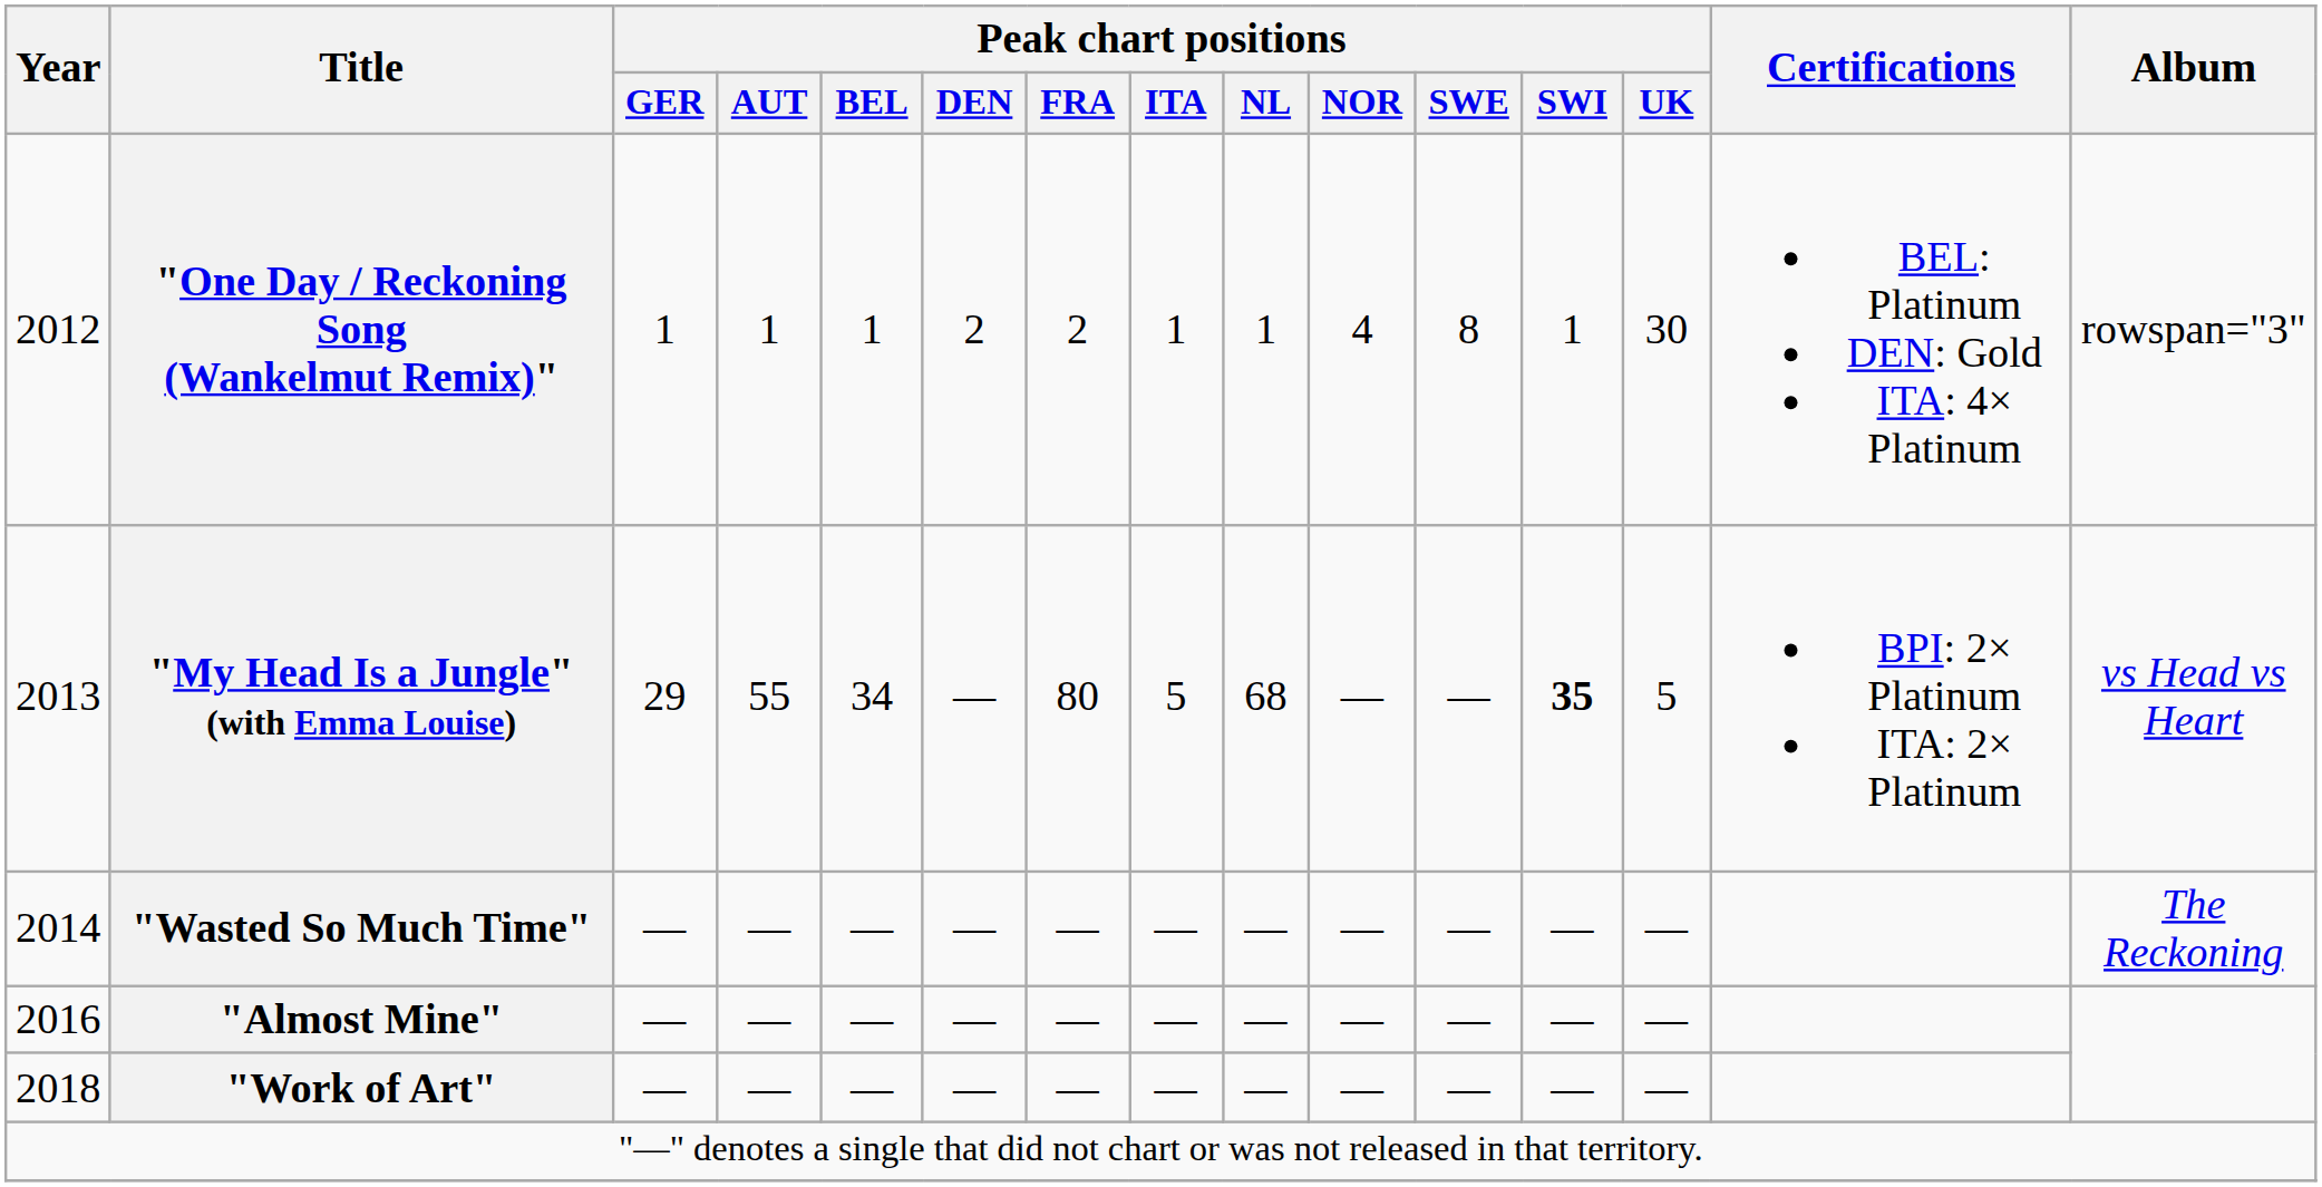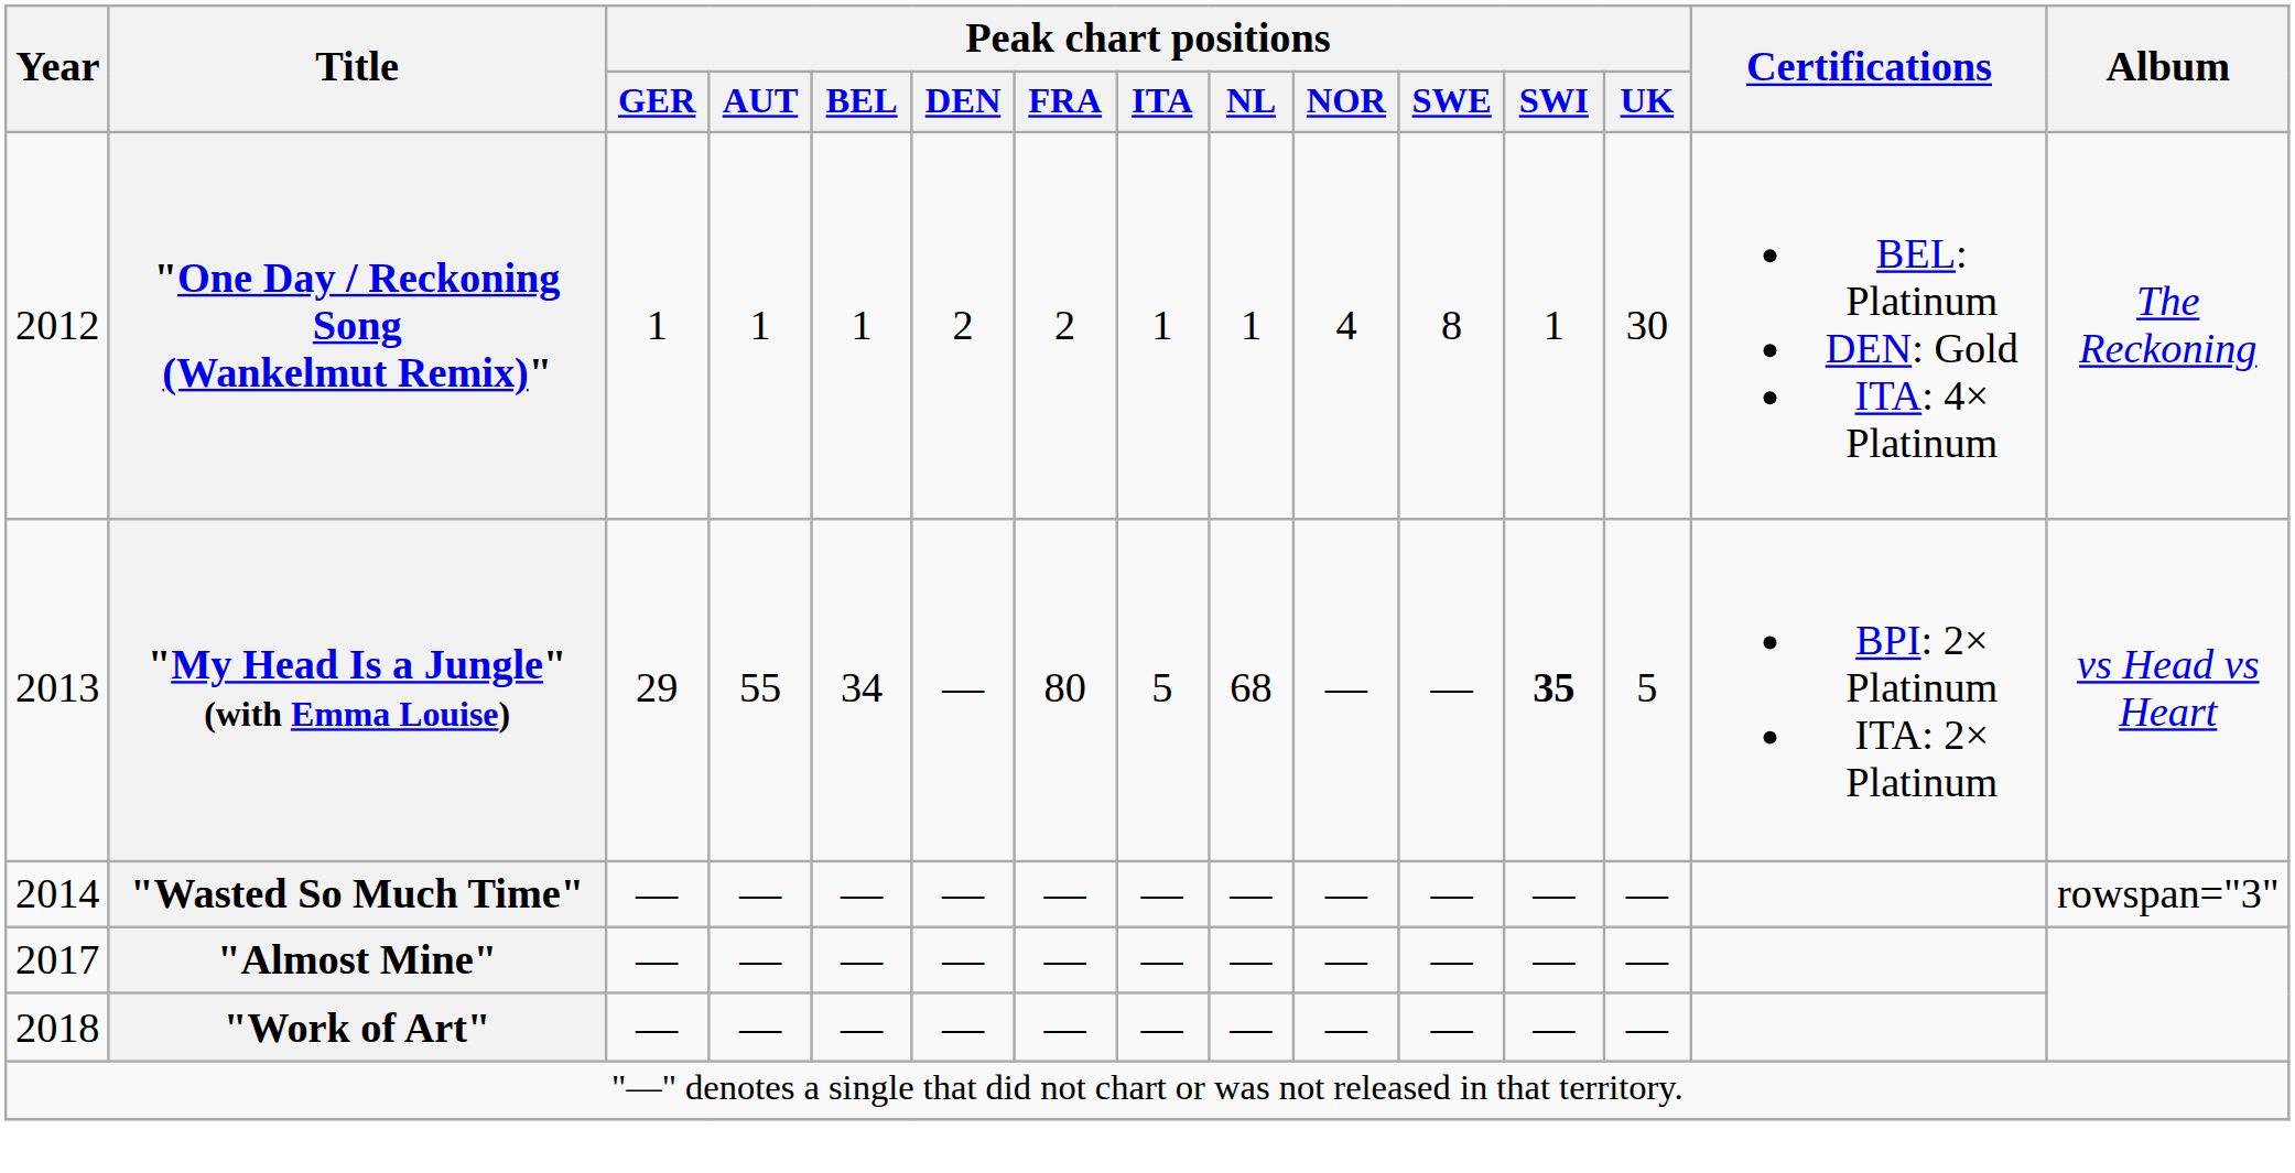 <table class="wikitable plainrowheaders" style="text-align:center;">
 <tr>
 <th scope="col" rowspan="2">Year</th>
 <th scope="col" rowspan="2" style="width:24em;">Title</th>
 <th scope="col" colspan="11">Peak chart positions</th>
 <th scope="col" rowspan="2" style="width:12em;"><a href='#'>Certifications</a></th>
 <th scope="col" rowspan="2">Album</th>
 </tr>
 <tr>
 <th scope="col" style="width:3em;font-size:85%;"><a href='#'>GER</a><br></th>
 <th scope="col" style="width:3em;font-size:85%;"><a href='#'>AUT</a><br></th>
 <th scope="col" style="width:3em;font-size:85%;"><a href='#'>BEL</a><br></th>
 <th scope="col" style="width:3em;font-size:85%;"><a href='#'>DEN</a><br></th>
 <th scope="col" style="width:3em;font-size:85%;"><a href='#'>FRA</a><br></th>
 <th scope="col" style="width:3em;font-size:85%;"><a href='#'>ITA</a><br></th>
 <th scope="col" style="width:3em;font-size:85%;"><a href='#'>NL</a><br></th>
 <th scope="col" style="width:3em;font-size:85%;"><a href='#'>NOR</a><br></th>
 <th scope="col" style="width:3em;font-size:85%;"><a href='#'>SWE</a><br></th>
 <th scope="col" style="width:3em;font-size:85%;"><a href='#'>SWI</a><br></th>
 <th scope="col" style="width:3em;font-size:85%;"><a href='#'>UK</a><br></th>
 </tr>
 <tr>
 <td>2012</td>
 <th scope="row">"<a href='#'>One Day / Reckoning Song<br>(Wankelmut Remix)</a>"</th>
 <td>1</td>
 <td>1</td>
 <td>1</td>
 <td>2</td>
 <td>2</td>
 <td>1</td>
 <td>1</td>
 <td>4</td>
 <td>8</td>
 <td>1</td>
 <td>30</td>
 <td><br><ul><li><a href='#'>BEL</a>: Platinum</li><li><a href='#'>DEN</a>: Gold</li><li><a href='#'>ITA</a>: 4× Platinum</li></ul></td>
-<td>rowspan="3" </td>
+<td><em><a href='#'>The Reckoning</a></em></td>
 </tr>
 <tr>
 <td>2013</td>
 <th scope="row">"<a href='#'>My Head Is a Jungle</a>"<br><small>(with <a href='#'>Emma Louise</a>)</small></th>
 <td>29</td>
 <td>55</td>
 <td>34</td>
 <td>—</td>
 <td>80</td>
 <td>5</td>
 <td>68</td>
 <td>—</td>
 <td>—</td>
 <td><strong>35</strong></td>
 <td>5</td>
 <td><br><ul><li><a href='#'>BPI</a>: 2× Platinum</li><li>ITA: 2× Platinum</li></ul></td>
 <td><em><a href='#'>vs Head vs Heart</a></em></td>
 </tr>
 <tr>
 <td>2014</td>
 <th scope="row">"Wasted So Much Time"<br></th>
 <td>—</td>
 <td>—</td>
 <td>—</td>
 <td>—</td>
 <td>—</td>
 <td>—</td>
 <td>—</td>
 <td>—</td>
 <td>—</td>
 <td>—</td>
 <td>—</td>
 <td></td>
-<td><em><a href='#'>The Reckoning</a></em></td>
+<td>rowspan="3" </td>
 </tr>
 <tr>
-<td>2016</td>
+<td>2017</td>
 <th scope="row">"Almost Mine"<br></th>
 <td>—</td>
 <td>—</td>
 <td>—</td>
 <td>—</td>
 <td>—</td>
 <td>—</td>
 <td>—</td>
 <td>—</td>
 <td>—</td>
 <td>—</td>
 <td>—</td>
 <td></td>
 </tr>
 <tr>
 <td>2018</td>
 <th scope="row">"Work of Art"<br></th>
 <td>—</td>
 <td>—</td>
 <td>—</td>
 <td>—</td>
 <td>—</td>
 <td>—</td>
 <td>—</td>
 <td>—</td>
 <td>—</td>
 <td>—</td>
 <td>—</td>
 <td></td>
 </tr>
 <tr>
 <td colspan="18" style="font-size:85%">"—" denotes a single that did not chart or was not released in that territory.</td>
 </tr>
 <tr>
 </tr>
 </table>
